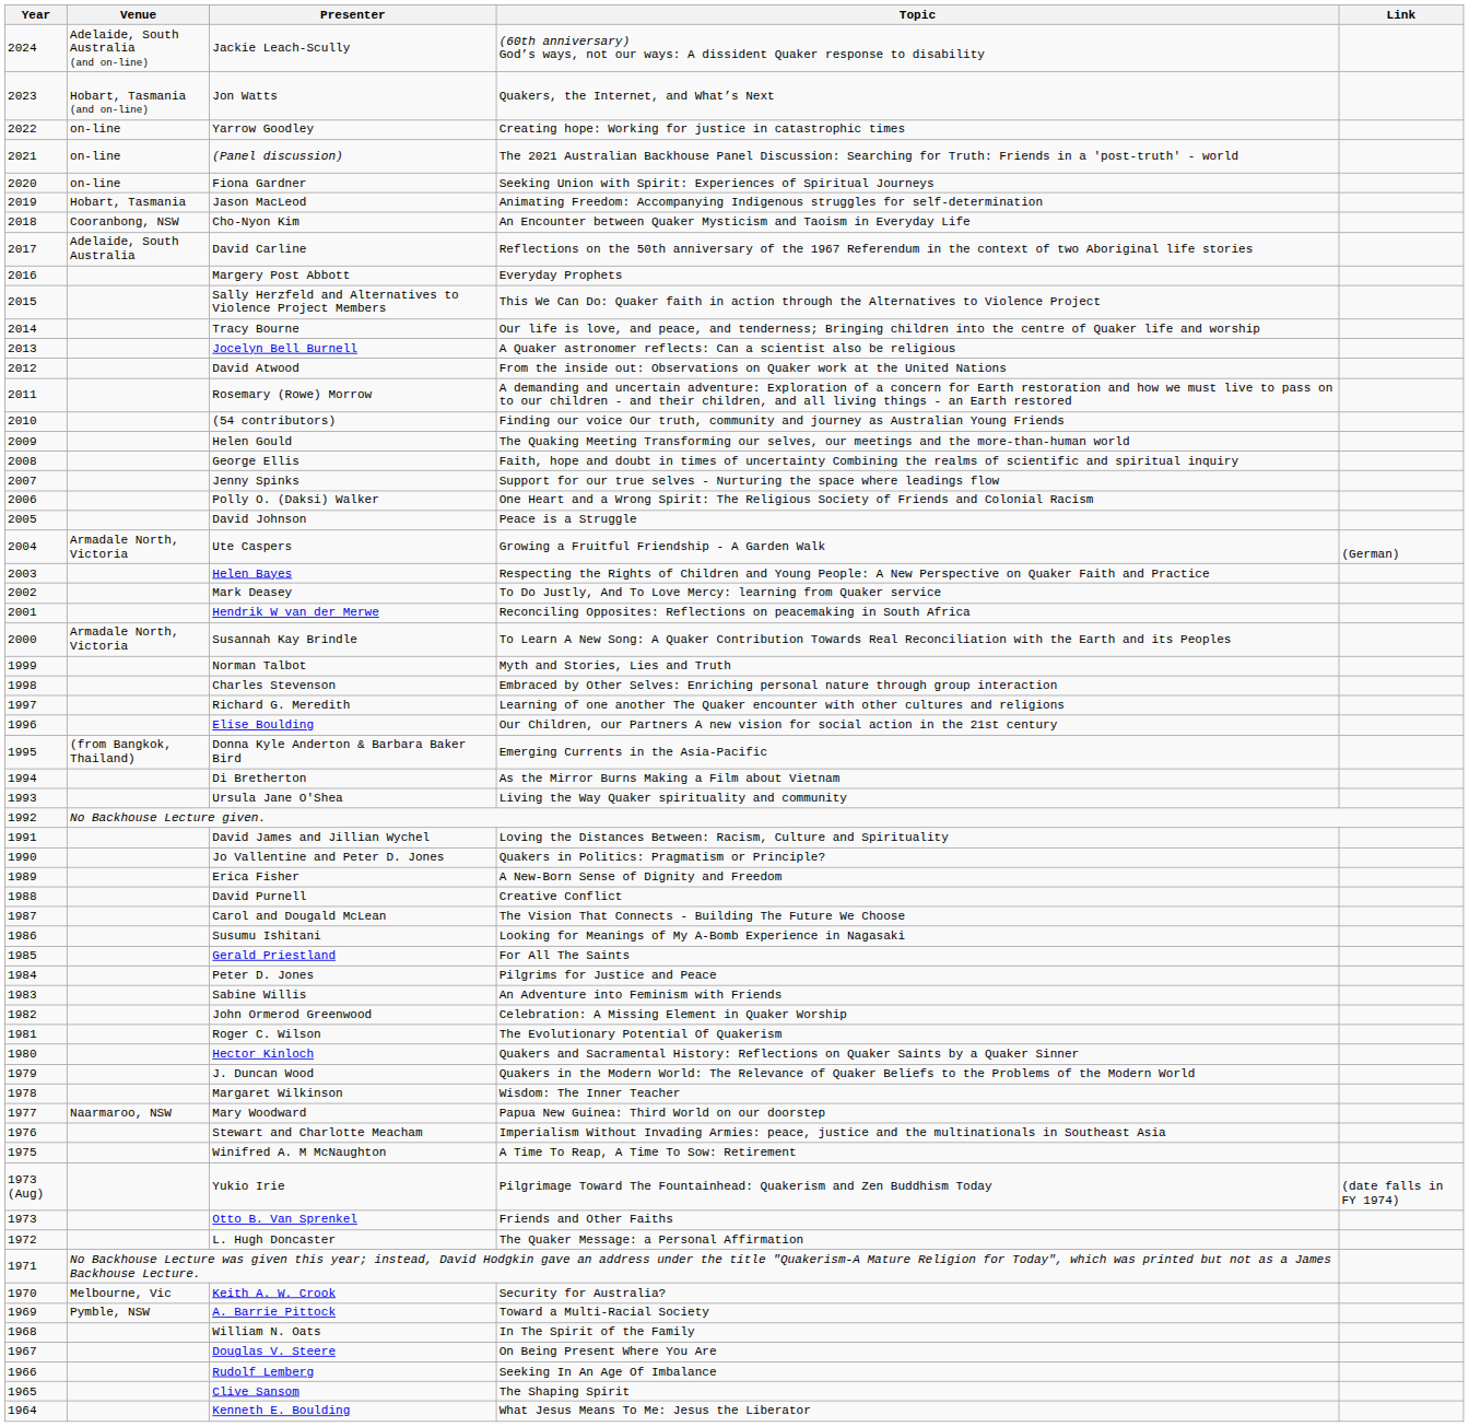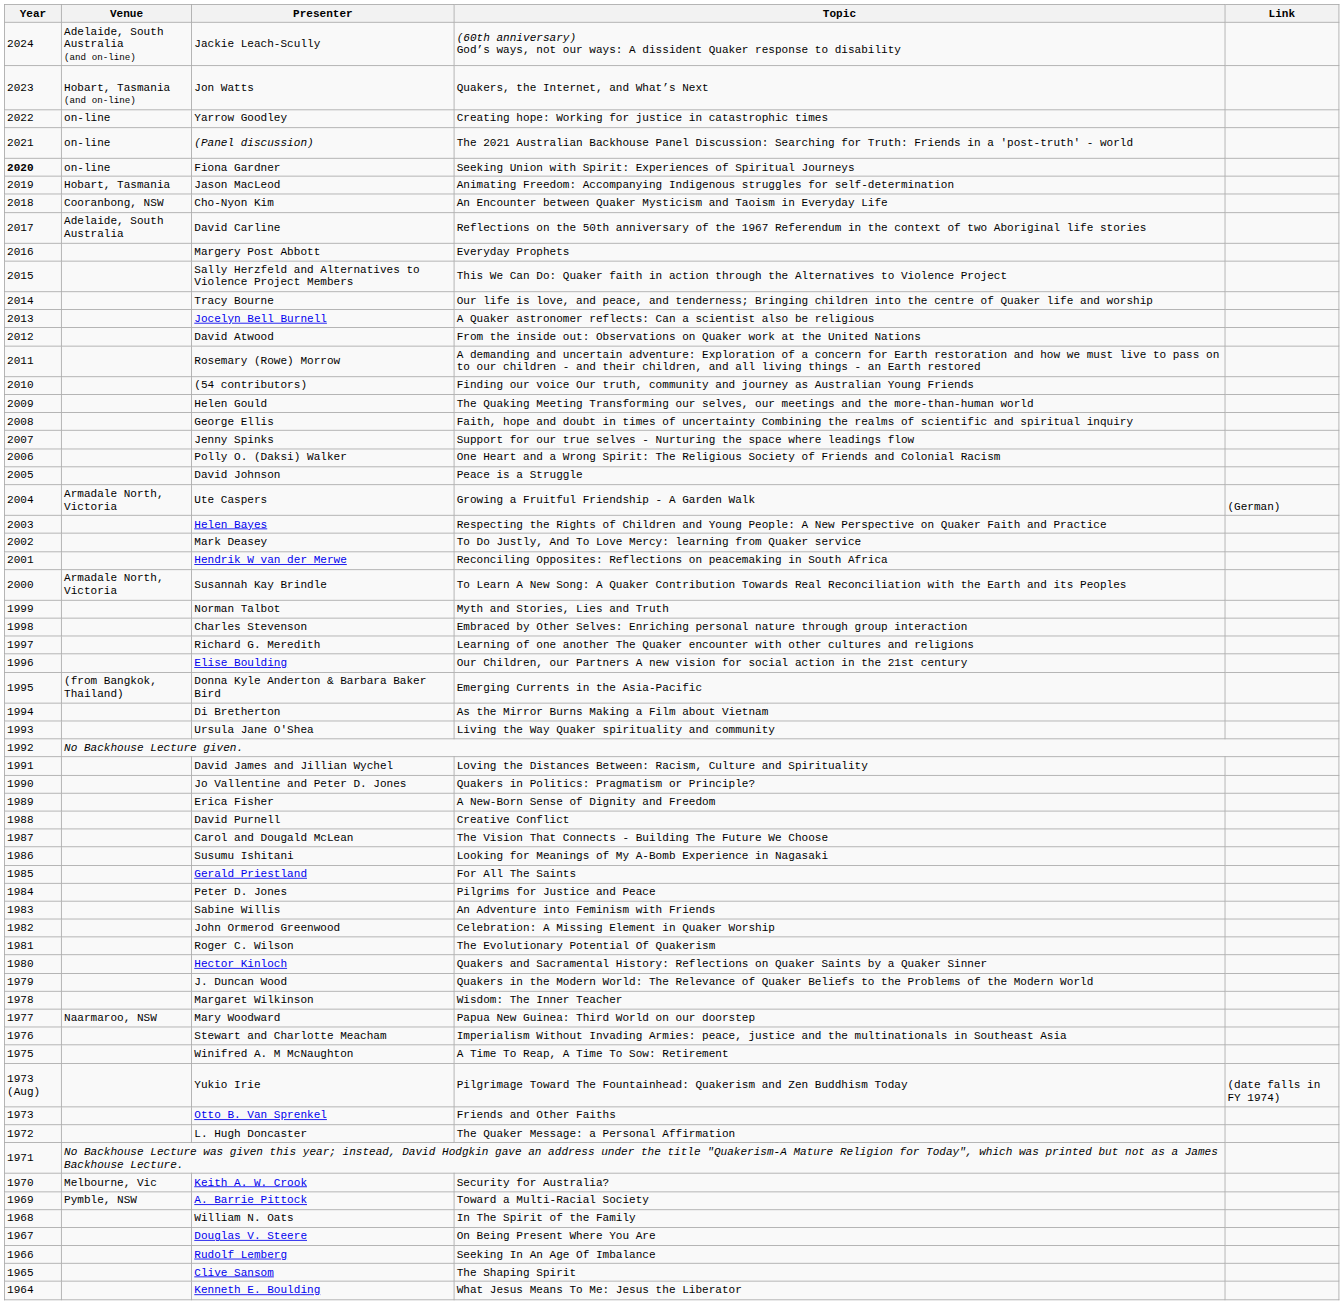 <table class="wikitable"|>
 <tr>
 <th>Year</th>
 <th>Venue</th>
 <th>Presenter</th>
 <th>Topic</th>
 <th>Link</th>
 </tr>
 <tr>
 <td>2024</td>
 <td>Adelaide, South Australia<br><small>(and on-line)</small></td>
 <td>Jackie Leach-Scully</td>
 <td><em>(60th anniversary)</em><br>God’s ways, not our ways: A dissident Quaker response to disability</td>
 <td></td>
 </tr>
 <tr>
 <td>2023</td>
 <td><br>Hobart, Tasmania<br><small>(and on-line)</small></td>
 <td>Jon Watts</td>
 <td>Quakers, the Internet, and What’s Next</td>
 <td></td>
 </tr>
 <tr>
 <td>2022</td>
 <td>on-line</td>
 <td>Yarrow Goodley</td>
 <td>Creating hope: Working for justice in catastrophic times</td>
 <td></td>
 </tr>
 <tr>
 <td>2021</td>
 <td>on-line</td>
 <td><em>(Panel discussion)</em></td>
 <td>The 2021 Australian Backhouse Panel Discussion: Searching for Truth: Friends in a 'post-truth' - world</td>
 <td><br> <br> </td>
 </tr>
 <tr>
-<td>2020</td>
+<td><strong>2020</strong></td>
 <td>on-line</td>
 <td>Fiona Gardner</td>
 <td>Seeking Union with Spirit: Experiences of Spiritual Journeys</td>
 <td></td>
 </tr>
 <tr>
 <td>2019</td>
 <td>Hobart, Tasmania</td>
 <td>Jason MacLeod</td>
 <td>Animating Freedom: Accompanying Indigenous struggles for self-determination</td>
 <td></td>
 </tr>
 <tr>
 <td>2018</td>
 <td>Cooranbong, NSW</td>
 <td>Cho-Nyon Kim</td>
 <td>An Encounter between Quaker Mysticism and Taoism in Everyday Life</td>
 <td><br> </td>
 </tr>
 <tr>
 <td>2017</td>
 <td>Adelaide, South Australia</td>
 <td>David Carline</td>
 <td>Reflections on the 50th anniversary of the 1967 Referendum in the context of two Aboriginal life stories</td>
 <td></td>
 </tr>
 <tr>
 <td>2016</td>
 <td></td>
 <td>Margery Post Abbott</td>
 <td>Everyday Prophets</td>
 <td></td>
 </tr>
 <tr>
 <td>2015</td>
 <td></td>
 <td>Sally Herzfeld and Alternatives to Violence Project Members</td>
 <td>This We Can Do: Quaker faith in action through the Alternatives to Violence Project</td>
 <td></td>
 </tr>
 <tr>
 <td>2014</td>
 <td></td>
 <td>Tracy Bourne</td>
 <td>Our life is love, and peace, and tenderness; Bringing children into the centre of Quaker life and worship</td>
 <td></td>
 </tr>
 <tr>
 <td>2013</td>
 <td></td>
 <td><a href='#'>Jocelyn Bell Burnell</a></td>
 <td>A Quaker astronomer reflects: Can a scientist also be religious</td>
 <td></td>
 </tr>
 <tr>
 <td>2012</td>
 <td></td>
 <td>David Atwood</td>
 <td>From the inside out: Observations on Quaker work at the United Nations</td>
 <td></td>
 </tr>
 <tr>
 <td>2011</td>
 <td></td>
 <td>Rosemary (Rowe) Morrow</td>
 <td>A demanding and uncertain adventure: Exploration of a concern for Earth restoration and how we must live to pass on to our children - and their children, and all living things - an Earth restored</td>
 <td></td>
 </tr>
 <tr>
 <td>2010</td>
 <td></td>
 <td>(54 contributors)</td>
 <td>Finding our voice Our truth, community and journey as Australian Young Friends</td>
 <td></td>
 </tr>
 <tr>
 <td>2009</td>
 <td></td>
 <td>Helen Gould</td>
 <td>The Quaking Meeting Transforming our selves, our meetings and the more-than-human world</td>
 <td><br></td>
 </tr>
 <tr>
 <td>2008</td>
 <td></td>
 <td>George Ellis</td>
 <td>Faith, hope and doubt in times of uncertainty Combining the realms of scientific and spiritual inquiry</td>
 <td><br></td>
 </tr>
 <tr>
 <td>2007</td>
 <td></td>
 <td>Jenny Spinks</td>
 <td>Support for our true selves - Nurturing the space where leadings flow</td>
 <td><br></td>
 </tr>
 <tr>
 <td>2006</td>
 <td></td>
 <td>Polly O. (Daksi) Walker</td>
 <td>One Heart and a Wrong Spirit: The Religious Society of Friends and Colonial Racism</td>
 <td></td>
 </tr>
 <tr>
 <td>2005</td>
 <td></td>
 <td>David Johnson</td>
 <td>Peace is a Struggle</td>
 <td></td>
 </tr>
 <tr>
 <td>2004</td>
 <td>Armadale North, Victoria</td>
 <td>Ute Caspers</td>
 <td>Growing a Fruitful Friendship - A Garden Walk</td>
 <td><br>   (German)</td>
 </tr>
 <tr>
 <td>2003</td>
 <td></td>
 <td><a href='#'>Helen Bayes</a></td>
 <td>Respecting the Rights of Children and Young People: A New Perspective on Quaker Faith and Practice</td>
 <td><br> </td>
 </tr>
 <tr>
 <td>2002</td>
 <td></td>
 <td>Mark Deasey</td>
 <td>To Do Justly, And To Love Mercy: learning from Quaker service</td>
 <td><br></td>
 </tr>
 <tr>
 <td>2001</td>
 <td></td>
 <td><a href='#'>Hendrik W van der Merwe</a></td>
 <td>Reconciling Opposites: Reflections on peacemaking in South Africa</td>
 <td><br></td>
 </tr>
 <tr>
 <td>2000</td>
 <td>Armadale North, Victoria</td>
 <td>Susannah Kay Brindle</td>
 <td>To Learn A New Song: A Quaker Contribution Towards Real Reconciliation with the Earth and its Peoples</td>
 <td><br></td>
 </tr>
 <tr>
 <td>1999</td>
 <td></td>
 <td>Norman Talbot</td>
 <td>Myth and Stories, Lies and Truth</td>
 <td></td>
 </tr>
 <tr>
 <td>1998</td>
 <td></td>
 <td>Charles Stevenson</td>
 <td>Embraced by Other Selves: Enriching personal nature through group interaction</td>
 <td> </td>
 </tr>
 <tr>
 <td>1997</td>
 <td></td>
 <td>Richard G. Meredith</td>
 <td>Learning of one another The Quaker encounter with other cultures and religions</td>
 <td><br></td>
 </tr>
 <tr>
 <td>1996</td>
 <td></td>
 <td><a href='#'>Elise Boulding</a></td>
 <td>Our Children, our Partners A new vision for social action in the 21st century</td>
 <td></td>
 </tr>
 <tr>
 <td>1995</td>
 <td>(from Bangkok, Thailand)</td>
 <td>Donna Kyle Anderton & Barbara Baker Bird</td>
 <td>Emerging Currents in the Asia-Pacific</td>
 <td></td>
 </tr>
 <tr>
 <td>1994</td>
 <td></td>
 <td>Di Bretherton</td>
 <td>As the Mirror Burns Making a Film about Vietnam</td>
 <td></td>
 </tr>
 <tr>
 <td>1993</td>
 <td></td>
 <td>Ursula Jane O'Shea</td>
 <td>Living the Way Quaker spirituality and community</td>
 <td></td>
 </tr>
 <tr>
 <td>1992</td>
 <td colspan=4><em>No Backhouse Lecture given.</em></td>
 </tr>
 <tr>
 <td>1991</td>
 <td></td>
 <td>David James and Jillian Wychel</td>
 <td>Loving the Distances Between: Racism, Culture and Spirituality</td>
 <td></td>
 </tr>
 <tr>
 <td>1990</td>
 <td></td>
 <td>Jo Vallentine and Peter D. Jones</td>
 <td>Quakers in Politics: Pragmatism or Principle?</td>
 <td></td>
 </tr>
 <tr>
 <td>1989</td>
 <td></td>
 <td>Erica Fisher</td>
 <td>A New-Born Sense of Dignity and Freedom</td>
 <td></td>
 </tr>
 <tr>
 <td>1988</td>
 <td></td>
 <td>David Purnell</td>
 <td>Creative Conflict</td>
 <td></td>
 </tr>
 <tr>
 <td>1987</td>
 <td></td>
 <td>Carol and Dougald McLean</td>
 <td>The Vision That Connects - Building The Future We Choose</td>
 <td></td>
 </tr>
 <tr>
 <td>1986</td>
 <td></td>
 <td>Susumu Ishitani</td>
 <td>Looking for Meanings of My A-Bomb Experience in Nagasaki</td>
 <td></td>
 </tr>
 <tr>
 <td>1985</td>
 <td></td>
 <td><a href='#'>Gerald Priestland</a></td>
 <td>For All The Saints</td>
 <td></td>
 </tr>
 <tr>
 <td>1984</td>
 <td></td>
 <td>Peter D. Jones</td>
 <td>Pilgrims for Justice and Peace</td>
 <td></td>
 </tr>
 <tr>
 <td>1983</td>
 <td></td>
 <td>Sabine Willis</td>
 <td>An Adventure into Feminism with Friends</td>
 <td></td>
 </tr>
 <tr>
 <td>1982</td>
 <td></td>
 <td>John Ormerod Greenwood</td>
 <td>Celebration: A Missing Element in Quaker Worship</td>
 <td></td>
 </tr>
 <tr>
 <td>1981</td>
 <td></td>
 <td>Roger C. Wilson</td>
 <td>The Evolutionary Potential Of Quakerism</td>
 <td></td>
 </tr>
 <tr>
 <td>1980</td>
 <td></td>
 <td><a href='#'>Hector Kinloch</a></td>
 <td>Quakers and Sacramental History: Reflections on Quaker Saints by a Quaker Sinner</td>
 <td></td>
 </tr>
 <tr>
 <td>1979</td>
 <td></td>
 <td>J. Duncan Wood</td>
 <td>Quakers in the Modern World: The Relevance of Quaker Beliefs to the Problems of the Modern World</td>
 <td></td>
 </tr>
 <tr>
 <td>1978</td>
 <td></td>
 <td>Margaret Wilkinson</td>
 <td>Wisdom: The Inner Teacher</td>
 <td></td>
 </tr>
 <tr>
 <td>1977</td>
 <td>Naarmaroo, NSW</td>
 <td>Mary Woodward</td>
 <td>Papua New Guinea: Third World on our doorstep</td>
 <td><br> </td>
 </tr>
 <tr>
 <td>1976</td>
 <td></td>
 <td>Stewart and Charlotte Meacham</td>
 <td>Imperialism Without Invading Armies: peace, justice and the multinationals in Southeast Asia</td>
 <td></td>
 </tr>
 <tr>
 <td>1975</td>
 <td></td>
 <td>Winifred A. M McNaughton</td>
 <td>A Time To Reap, A Time To Sow: Retirement</td>
 <td></td>
 </tr>
 <tr>
 <td>1973 (Aug)</td>
 <td></td>
 <td>Yukio Irie</td>
 <td>Pilgrimage Toward The Fountainhead: Quakerism and Zen Buddhism Today</td>
 <td><br>(date falls in FY 1974)</td>
 </tr>
 <tr>
 <td>1973</td>
 <td></td>
 <td><a href='#'>Otto B. Van Sprenkel</a></td>
 <td>Friends and Other Faiths</td>
 <td></td>
 </tr>
 <tr>
 <td>1972</td>
 <td></td>
 <td>L. Hugh Doncaster</td>
 <td>The Quaker Message: a Personal Affirmation</td>
 <td></td>
 </tr>
 <tr>
 <td>1971</td>
 <td colspan=3><em>No Backhouse Lecture was given this year; instead, David Hodgkin gave an address under the title "Quakerism-A Mature Religion for Today", which was printed but not as a James Backhouse Lecture.</em></td>
 <td></td>
 </tr>
 <tr>
 <td>1970</td>
 <td>Melbourne, Vic</td>
 <td><a href='#'>Keith A. W. Crook</a></td>
 <td>Security for Australia?</td>
 <td></td>
 </tr>
 <tr>
 <td>1969</td>
 <td>Pymble, NSW</td>
 <td><a href='#'>A. Barrie Pittock</a></td>
 <td>Toward a Multi-Racial Society</td>
 <td><br> </td>
 </tr>
 <tr>
 <td>1968</td>
 <td></td>
 <td>William N. Oats</td>
 <td>In The Spirit of the Family</td>
 <td></td>
 </tr>
 <tr>
 <td>1967</td>
 <td></td>
 <td><a href='#'>Douglas V. Steere</a></td>
 <td>On Being Present Where You Are</td>
 <td></td>
 </tr>
 <tr>
 <td>1966</td>
 <td></td>
 <td><a href='#'>Rudolf Lemberg</a></td>
 <td>Seeking In An Age Of Imbalance</td>
 <td> </td>
 </tr>
 <tr>
 <td>1965</td>
 <td></td>
 <td><a href='#'>Clive Sansom</a></td>
 <td>The Shaping Spirit</td>
 <td></td>
 </tr>
 <tr>
 <td>1964</td>
 <td></td>
 <td><a href='#'>Kenneth E. Boulding</a></td>
 <td>What Jesus Means To Me: Jesus the Liberator</td>
 <td></td>
 </tr>
 </table>
